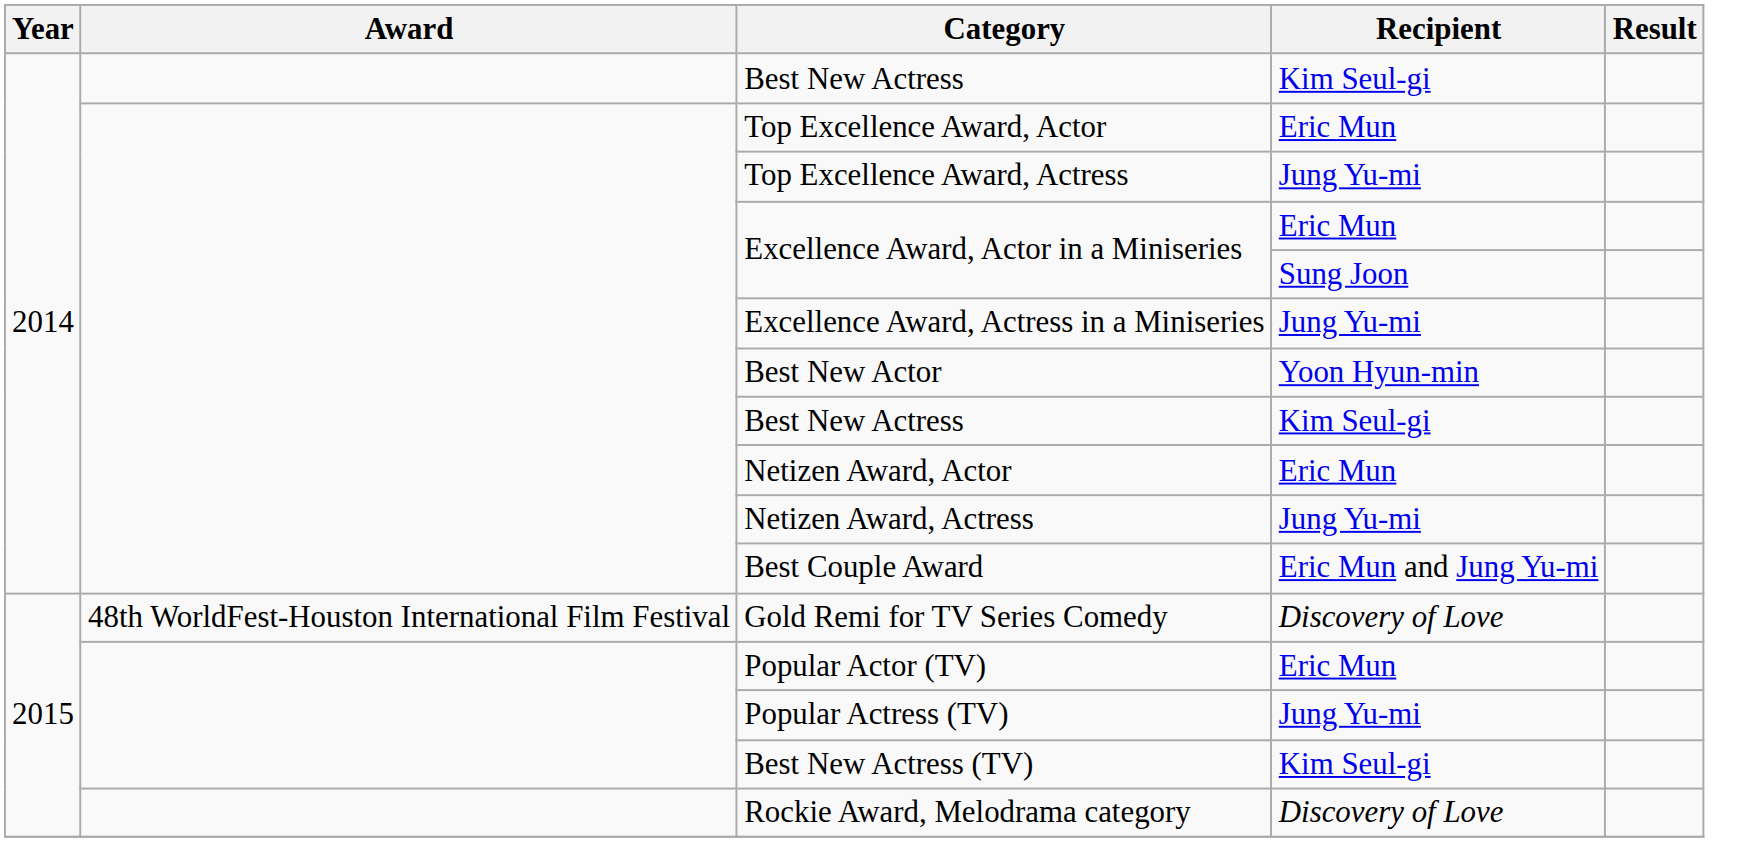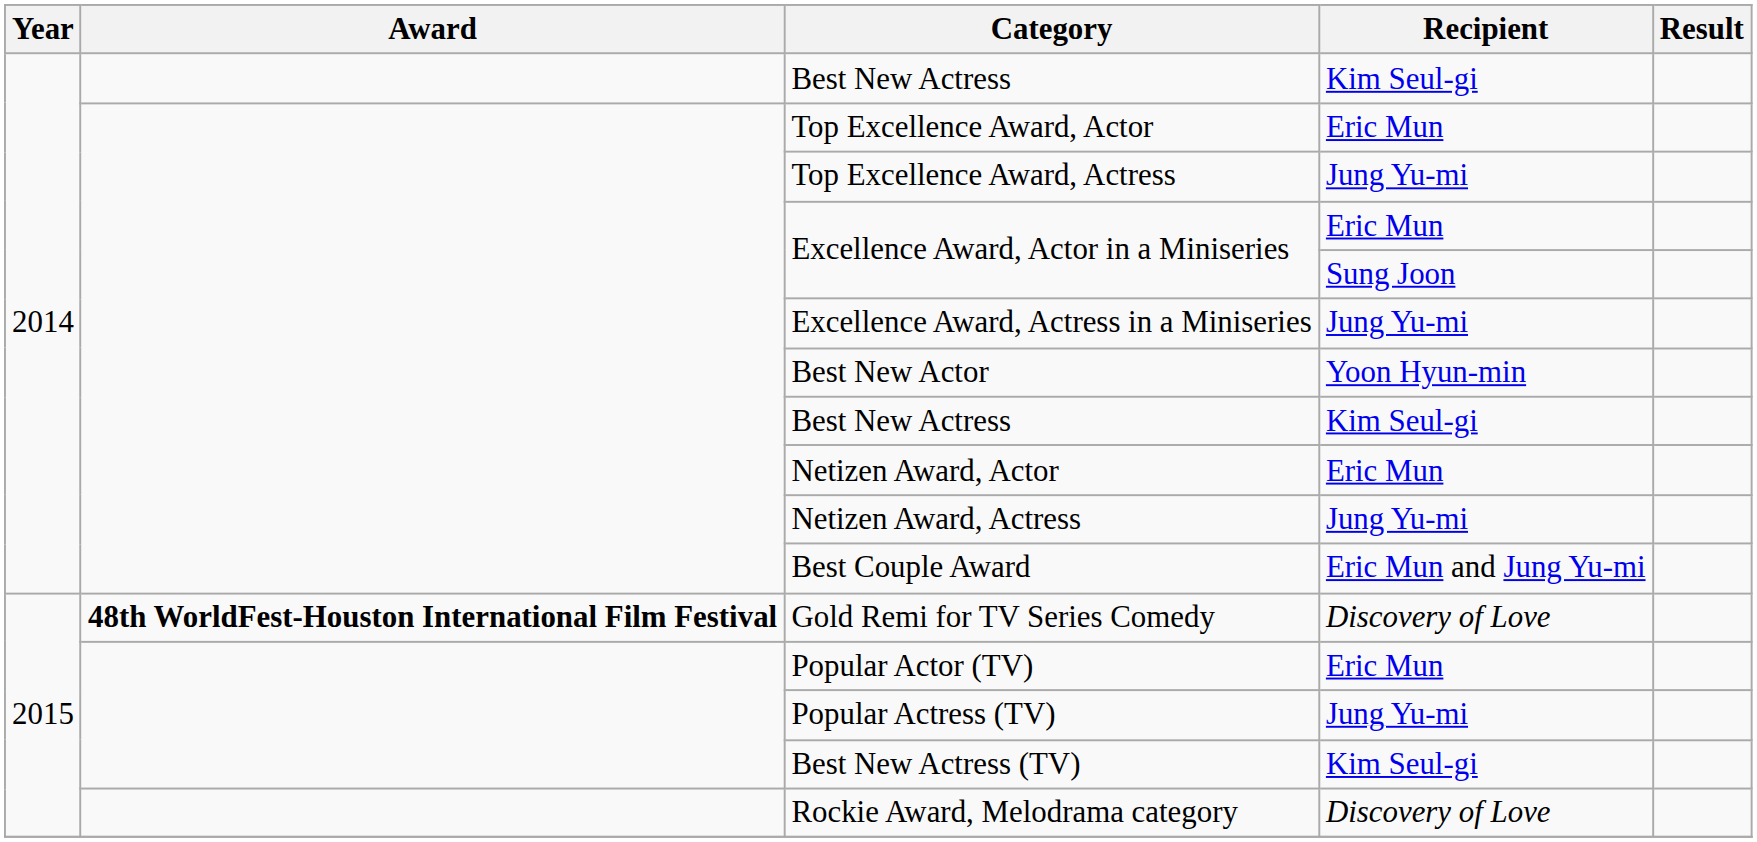 <table class="wikitable">
 <tr>
 <th>Year</th>
 <th>Award</th>
 <th>Category</th>
 <th>Recipient</th>
 <th>Result</th>
 </tr>
 <tr>
 <td rowspan=11>2014</td>
 <td rowspan=1></td>
 <td>Best New Actress</td>
 <td><a href='#'>Kim Seul-gi</a></td>
 <td></td>
 </tr>
 <tr>
 <td rowspan=10></td>
 <td>Top Excellence Award, Actor</td>
 <td><a href='#'>Eric Mun</a></td>
 <td></td>
 </tr>
 <tr>
 <td>Top Excellence Award, Actress</td>
 <td><a href='#'>Jung Yu-mi</a></td>
 <td></td>
 </tr>
 <tr>
 <td rowspan=2>Excellence Award, Actor in a Miniseries</td>
 <td><a href='#'>Eric Mun</a></td>
 <td></td>
 </tr>
 <tr>
 <td><a href='#'>Sung Joon</a></td>
 <td></td>
 </tr>
 <tr>
 <td>Excellence Award, Actress in a Miniseries</td>
 <td><a href='#'>Jung Yu-mi</a></td>
 <td></td>
 </tr>
 <tr>
 <td>Best New Actor</td>
 <td><a href='#'>Yoon Hyun-min</a></td>
 <td></td>
 </tr>
 <tr>
 <td>Best New Actress</td>
 <td><a href='#'>Kim Seul-gi</a></td>
 <td></td>
 </tr>
 <tr>
 <td>Netizen Award, Actor</td>
 <td><a href='#'>Eric Mun</a></td>
 <td></td>
 </tr>
 <tr>
 <td>Netizen Award, Actress</td>
 <td><a href='#'>Jung Yu-mi</a></td>
 <td></td>
 </tr>
 <tr>
 <td>Best Couple Award</td>
 <td><a href='#'>Eric Mun</a> and <a href='#'>Jung Yu-mi</a></td>
 <td></td>
 </tr>
 <tr>
 <td rowspan=5>2015</td>
-<td>48th WorldFest-Houston International Film Festival</td>
+<td><strong>48th WorldFest-Houston International Film Festival</strong></td>
 <td>Gold Remi for TV Series Comedy</td>
 <td><em>Discovery of Love</em></td>
 <td></td>
 </tr>
 <tr>
 <td rowspan=3></td>
 <td>Popular Actor (TV)</td>
 <td><a href='#'>Eric Mun</a></td>
 <td></td>
 </tr>
 <tr>
 <td>Popular Actress (TV)</td>
 <td><a href='#'>Jung Yu-mi</a></td>
 <td></td>
 </tr>
 <tr>
 <td>Best New Actress (TV)</td>
 <td><a href='#'>Kim Seul-gi</a></td>
 <td></td>
 </tr>
 <tr>
 <td rowspan=1></td>
 <td>Rockie Award, Melodrama category</td>
 <td><em>Discovery of Love</em></td>
 <td></td>
 </tr>
 <tr>
 </tr>
 </table>
